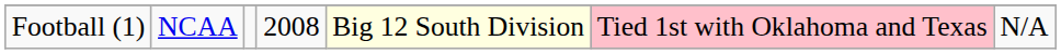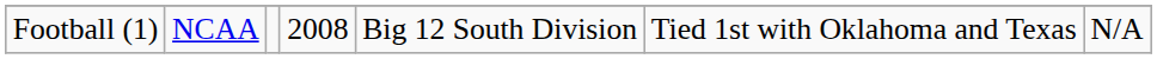 <table class="wikitable">
 <tr align="center">
 </tr>
 <tr align="center">
 <td rowspan="2">Football (1)</td>
 <td rowspan="2"><a href='#'>NCAA</a></td>
 <td rowspan="2"></td>
 </tr>
 <tr align="center">
 <td>2008</td>
-<td style="background: lightyellow;">Big 12 South Division</td>
-<td style="background: pink;">Tied 1st with Oklahoma and Texas</td>
+<td>Big 12 South Division</td>
+<td>Tied 1st with Oklahoma and Texas</td>
 <td>N/A</td>
 </tr>
 </table>
